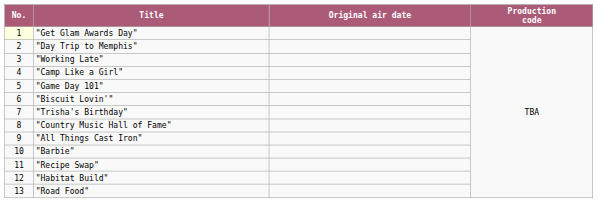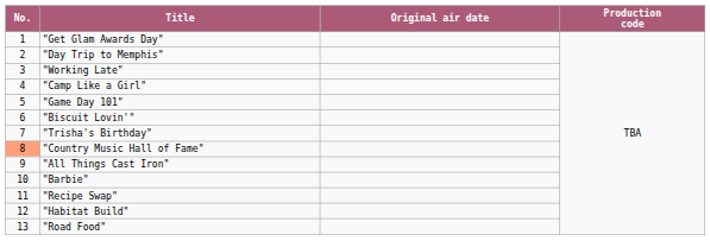 <table class="wikitable plainrowheaders" style="width:60%;">
 <tr>
 <th style="background-color: #ab5b78; color: #FFFFFF;" width=5%>No.</th>
 <th style="background-color: #ab5b78; color: #FFFFFF;" width=40%>Title</th>
 <th style="background-color: #ab5b78; color: #FFFFFF;">Original air date</th>
 <th style="background-color: #ab5b78; color: #FFFFFF;">Production<br>code</th>
 </tr>
 <tr>
-<td align=center style="background: lightyellow;">1</td>
+<td align=center>1</td>
 <td>"Get Glam Awards Day"</td>
 <td align=center></td>
 <td align=center rowspan=13>TBA</td>
 </tr>
 <tr>
 <td align=center>2</td>
 <td>"Day Trip to Memphis"</td>
 <td align=center></td>
 </tr>
 <tr>
 <td align=center>3</td>
 <td>"Working Late"</td>
 <td align=center></td>
 </tr>
 <tr>
 <td align=center>4</td>
 <td>"Camp Like a Girl"</td>
 <td align=center></td>
 </tr>
 <tr>
 <td align=center>5</td>
 <td>"Game Day 101"</td>
 <td align=center></td>
 </tr>
 <tr>
 <td align=center>6</td>
 <td>"Biscuit Lovin'"</td>
 <td align=center></td>
 </tr>
 <tr>
 <td align=center>7</td>
 <td>"Trisha's Birthday"</td>
 <td align=center></td>
 </tr>
 <tr>
-<td align=center>8</td>
+<td align=center style="background: lightsalmon;">8</td>
 <td>"Country Music Hall of Fame"</td>
 <td align=center></td>
 </tr>
 <tr>
 <td align=center>9</td>
 <td>"All Things Cast Iron"</td>
 <td align=center></td>
 </tr>
 <tr>
 <td align=center>10</td>
 <td>"Barbie"</td>
 <td align=center></td>
 </tr>
 <tr>
 <td align=center>11</td>
 <td>"Recipe Swap"</td>
 <td align=center></td>
 </tr>
 <tr>
 <td align=center>12</td>
 <td>"Habitat Build"</td>
 <td align=center></td>
 </tr>
 <tr>
 <td align=center>13</td>
 <td>"Road Food"</td>
 <td align=center></td>
 </tr>
 </table>
